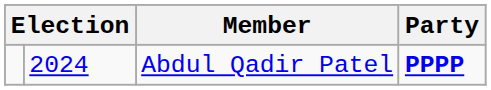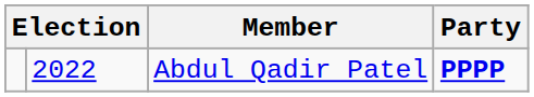 <table class="wikitable">
 <tr>
 <th colspan="2">Election</th>
 <th>Member</th>
 <th>Party</th>
 </tr>
 <tr>
 <td style="background-color: "></td>
-<td><a href='#'>2024</a></td>
+<td><a href='#'>2022</a></td>
 <td><a href='#'>Abdul Qadir Patel</a></td>
 <td><strong><a href='#'>PPPP</a></strong></td>
 </tr>
 </table>
